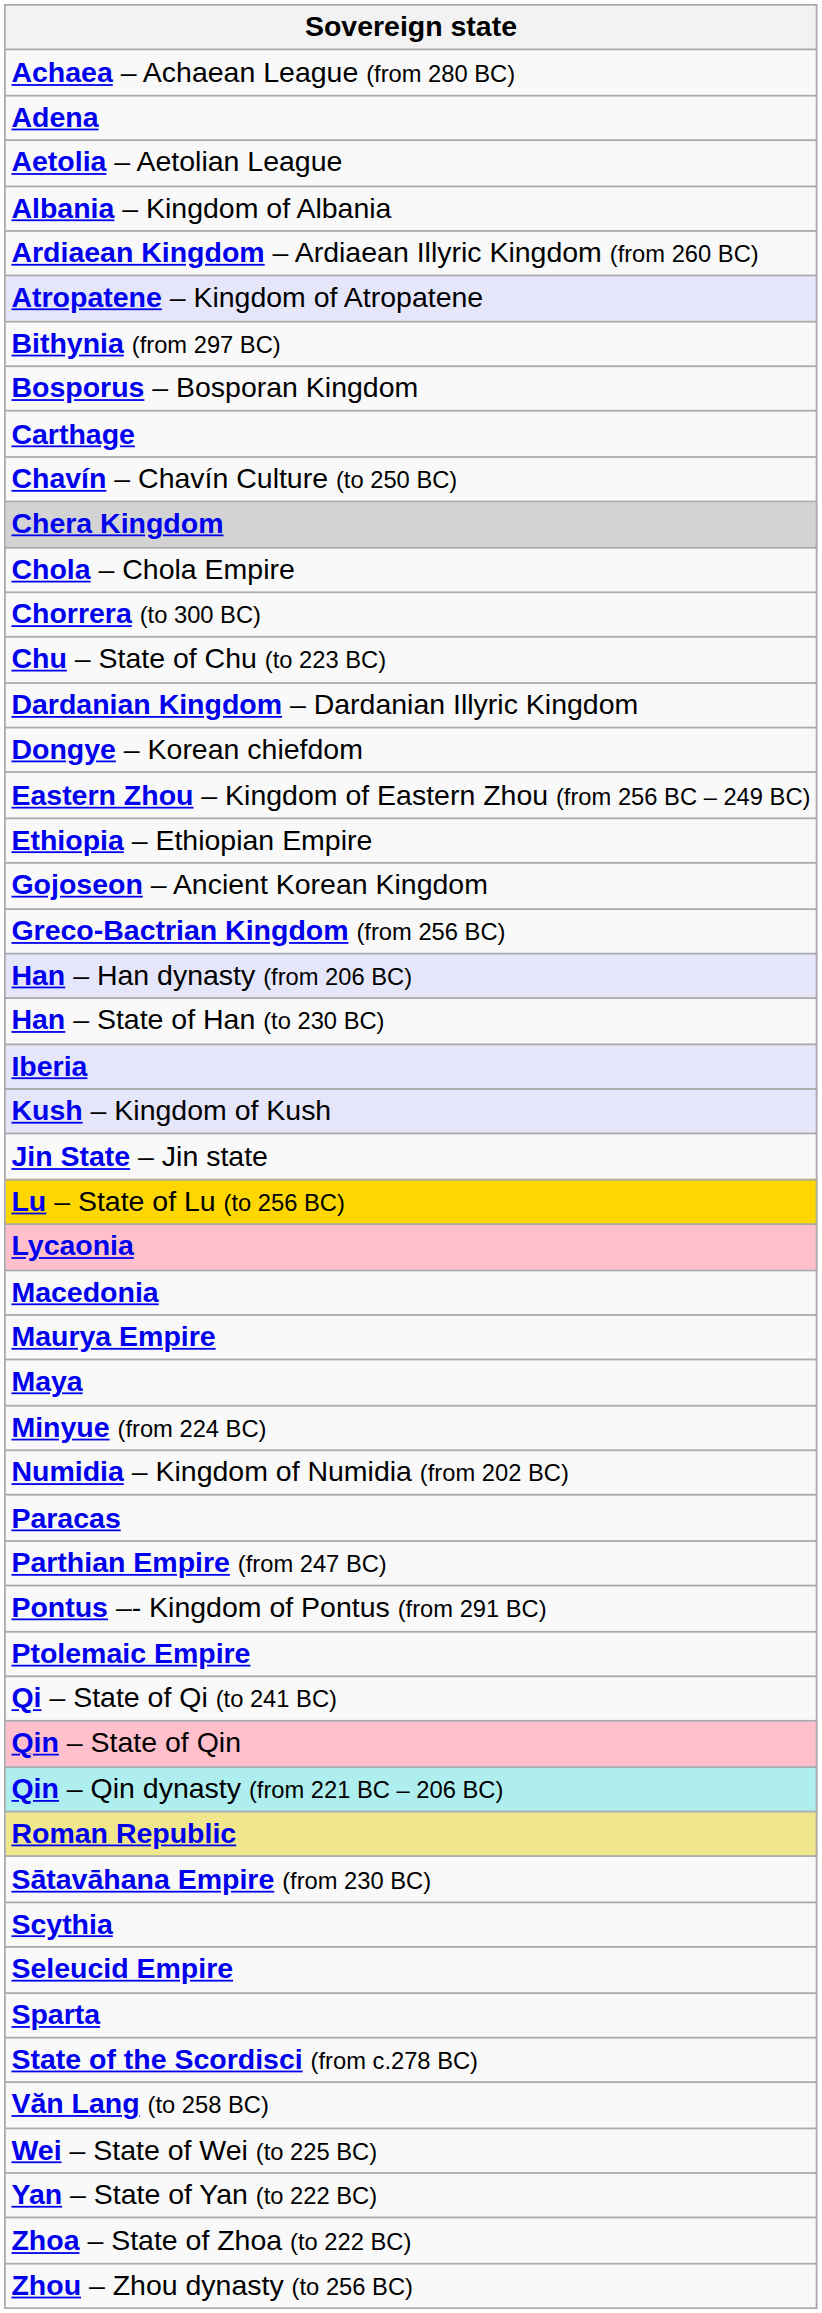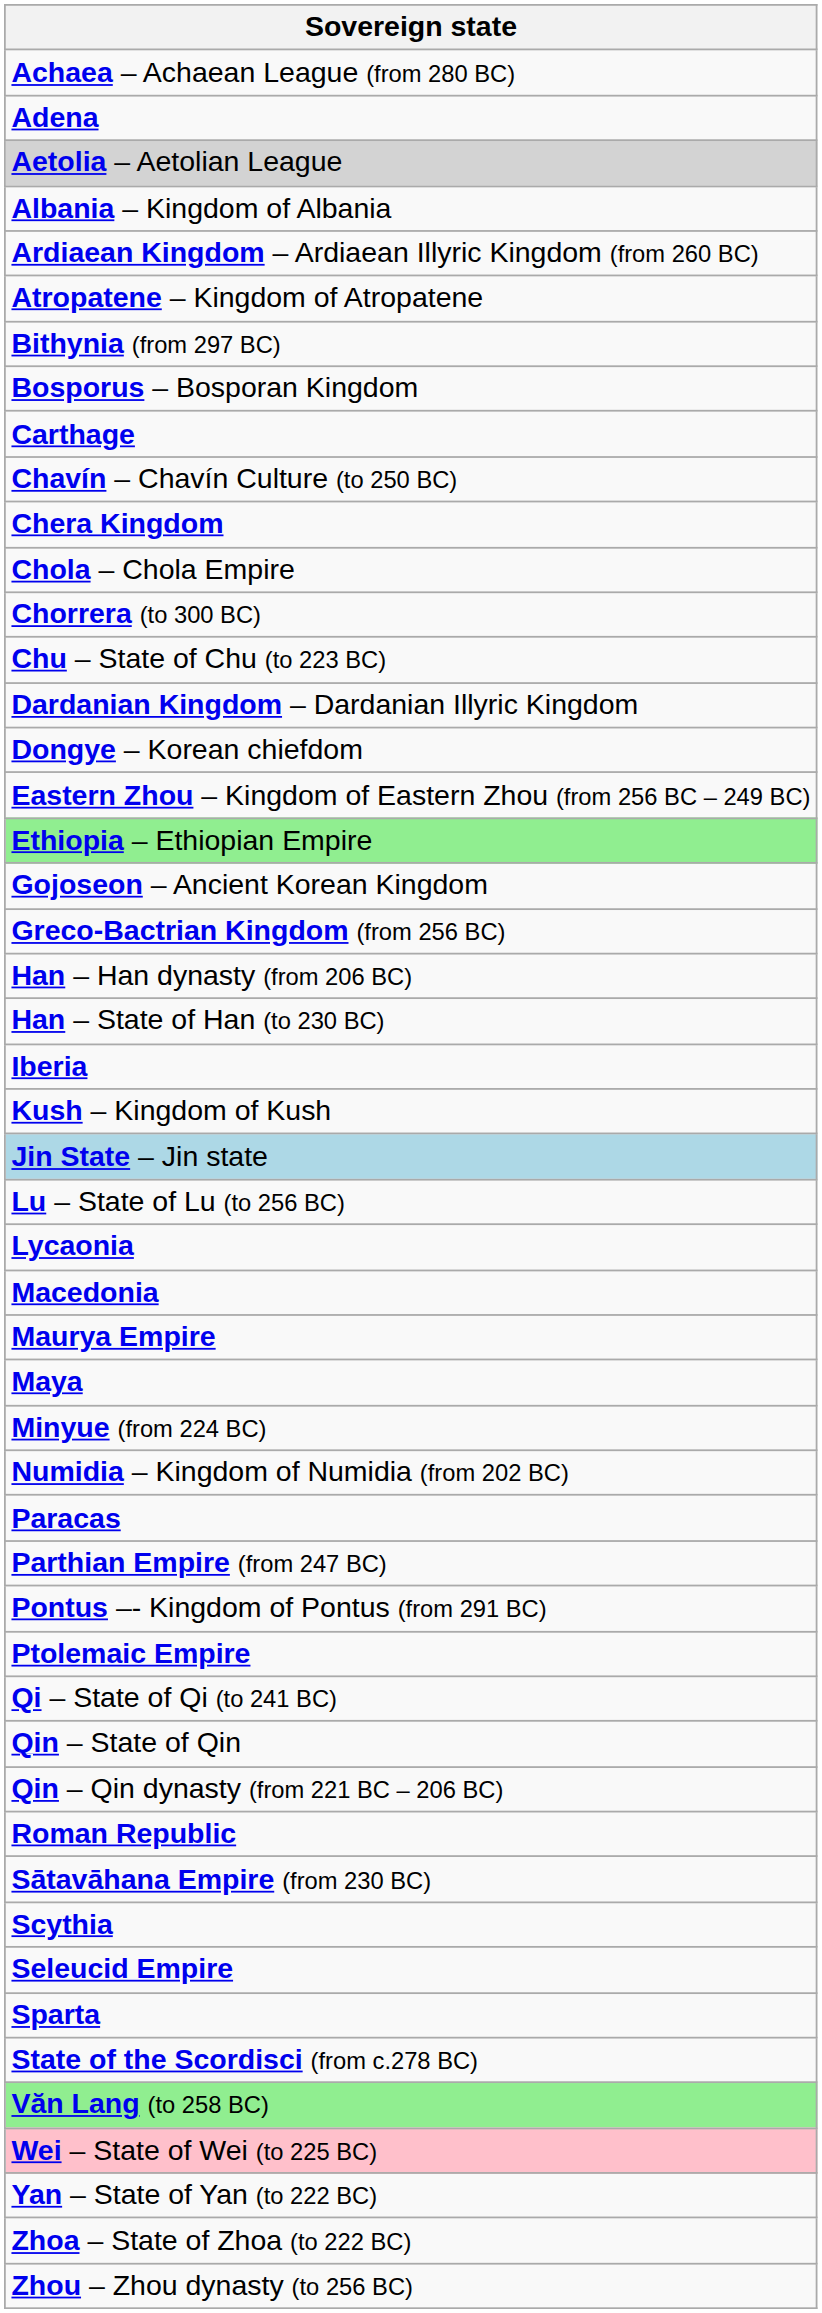 <table class=wikitable border="1">
 <tr>
 <th>Sovereign state</th>
 </tr>
 <tr>
 <td><strong><a href='#'>Achaea</a></strong> – Achaean League <small>(from 280 BC)</small></td>
 </tr>
 <tr>
 <td><strong><a href='#'>Adena</a></strong></td>
 </tr>
 <tr>
-<td><strong><a href='#'>Aetolia</a></strong> – Aetolian League</td>
+<td style="background: lightgrey;"><strong><a href='#'>Aetolia</a></strong> – Aetolian League</td>
 </tr>
 <tr>
 <td><strong><a href='#'>Albania</a></strong> – Kingdom of Albania</td>
 </tr>
 <tr>
 <td><strong><a href='#'>Ardiaean Kingdom</a></strong> – Ardiaean Illyric Kingdom <small>(from 260 BC)</small></td>
 </tr>
 <tr>
-<td style="background: lavender;"><strong><a href='#'>Atropatene</a></strong> – Kingdom of Atropatene</td>
+<td><strong><a href='#'>Atropatene</a></strong> – Kingdom of Atropatene</td>
 </tr>
 <tr>
 <td><strong><a href='#'>Bithynia</a></strong> <small>(from 297 BC)</small></td>
 </tr>
 <tr>
 <td><strong><a href='#'>Bosporus</a></strong> – Bosporan Kingdom</td>
 </tr>
 <tr>
 <td><strong><a href='#'>Carthage</a></strong></td>
 </tr>
 <tr>
 <td><strong><a href='#'>Chavín</a></strong> – Chavín Culture <small>(to 250 BC)</small></td>
 </tr>
 <tr>
-<td style="background: lightgrey;"><strong><a href='#'>Chera Kingdom</a></strong></td>
+<td><strong><a href='#'>Chera Kingdom</a></strong></td>
 </tr>
 <tr>
 <td><strong><a href='#'>Chola</a></strong> – Chola Empire</td>
 </tr>
 <tr>
 <td><strong><a href='#'>Chorrera</a></strong> <small>(to 300 BC)</small></td>
 </tr>
 <tr>
 <td><strong><a href='#'>Chu</a></strong> – State of Chu <small>(to 223 BC)</small></td>
 </tr>
 <tr>
 <td><strong><a href='#'>Dardanian Kingdom</a></strong> – Dardanian Illyric Kingdom</td>
 </tr>
 <tr>
 <td><strong><a href='#'>Dongye</a></strong> – Korean chiefdom</td>
 </tr>
 <tr>
 <td><strong><a href='#'>Eastern Zhou</a></strong> – Kingdom of Eastern Zhou <small>(from 256 BC – 249 BC)</small></td>
 </tr>
 <tr>
-<td><strong><a href='#'>Ethiopia</a></strong> – Ethiopian Empire</td>
+<td style="background: lightgreen;"><strong><a href='#'>Ethiopia</a></strong> – Ethiopian Empire</td>
 </tr>
 <tr>
 <td><strong><a href='#'>Gojoseon</a></strong> – Ancient Korean Kingdom</td>
 </tr>
 <tr>
 <td><strong><a href='#'>Greco-Bactrian Kingdom</a></strong> <small>(from 256 BC)</small></td>
 </tr>
 <tr>
-<td style="background: lavender;"><strong><a href='#'>Han</a></strong> – Han dynasty <small>(from 206 BC)</small></td>
+<td><strong><a href='#'>Han</a></strong> – Han dynasty <small>(from 206 BC)</small></td>
 </tr>
 <tr>
 <td><strong><a href='#'>Han</a></strong> – State of Han <small>(to 230 BC)</small></td>
 </tr>
 <tr>
-<td style="background: lavender;"><strong><a href='#'>Iberia</a></strong></td>
+<td><strong><a href='#'>Iberia</a></strong></td>
 </tr>
 <tr>
-<td style="background: lavender;"><strong><a href='#'>Kush</a></strong> – Kingdom of Kush</td>
+<td><strong><a href='#'>Kush</a></strong> – Kingdom of Kush</td>
 </tr>
 <tr>
-<td><strong><a href='#'>Jin State</a></strong> – Jin state</td>
+<td style="background: lightblue;"><strong><a href='#'>Jin State</a></strong> – Jin state</td>
 </tr>
 <tr>
-<td style="background: gold;"><strong><a href='#'>Lu</a></strong> – State of Lu <small>(to 256 BC)</small></td>
+<td><strong><a href='#'>Lu</a></strong> – State of Lu <small>(to 256 BC)</small></td>
 </tr>
 <tr>
-<td style="background: pink;"><strong><a href='#'>Lycaonia</a></strong></td>
+<td><strong><a href='#'>Lycaonia</a></strong></td>
 </tr>
 <tr>
 <td><strong><a href='#'>Macedonia</a></strong></td>
 </tr>
 <tr>
 <td><strong><a href='#'>Maurya Empire</a></strong></td>
 </tr>
 <tr>
 <td><strong><a href='#'>Maya</a></strong></td>
 </tr>
 <tr>
 <td><strong><a href='#'>Minyue</a></strong> <small>(from 224 BC)</small></td>
 </tr>
 <tr>
 <td><strong><a href='#'>Numidia</a></strong> – Kingdom of Numidia <small>(from 202 BC)</small></td>
 </tr>
 <tr>
 <td><strong><a href='#'>Paracas</a></strong></td>
 </tr>
 <tr>
 <td><strong><a href='#'>Parthian Empire</a></strong> <small>(from 247 BC)</small></td>
 </tr>
 <tr>
 <td><strong><a href='#'>Pontus</a></strong> –- Kingdom of Pontus <small>(from 291 BC)</small></td>
 </tr>
 <tr>
 <td><strong><a href='#'>Ptolemaic Empire</a></strong></td>
 </tr>
 <tr>
 <td><strong><a href='#'>Qi</a></strong> – State of Qi <small>(to 241 BC)</small></td>
 </tr>
 <tr>
-<td style="background: pink;"><strong><a href='#'>Qin</a></strong> – State of Qin</td>
+<td><strong><a href='#'>Qin</a></strong> – State of Qin</td>
 </tr>
 <tr>
-<td style="background: paleturquoise;"><strong><a href='#'>Qin</a></strong> – Qin dynasty <small>(from 221 BC – 206 BC)</small></td>
+<td><strong><a href='#'>Qin</a></strong> – Qin dynasty <small>(from 221 BC – 206 BC)</small></td>
 </tr>
 <tr>
-<td style="background: khaki;"><strong><a href='#'>Roman Republic</a></strong></td>
+<td><strong><a href='#'>Roman Republic</a></strong></td>
 </tr>
 <tr>
 <td><strong><a href='#'>Sātavāhana Empire</a></strong> <small>(from 230 BC)</small></td>
 </tr>
 <tr>
 <td><strong><a href='#'>Scythia</a></strong></td>
 </tr>
 <tr>
 <td><strong><a href='#'>Seleucid Empire</a></strong></td>
 </tr>
 <tr>
 <td><strong><a href='#'>Sparta</a></strong></td>
 </tr>
 <tr>
 <td><strong><a href='#'>State of the Scordisci</a></strong> <small>(from c.278 BC)</small></td>
 </tr>
 <tr>
-<td><strong><a href='#'>Văn Lang</a></strong> <small>(to 258 BC)</small></td>
+<td style="background: lightgreen;"><strong><a href='#'>Văn Lang</a></strong> <small>(to 258 BC)</small></td>
 </tr>
 <tr>
-<td><strong><a href='#'>Wei</a></strong> – State of Wei <small>(to 225 BC)</small></td>
+<td style="background: pink;"><strong><a href='#'>Wei</a></strong> – State of Wei <small>(to 225 BC)</small></td>
 </tr>
 <tr>
 <td><strong><a href='#'>Yan</a></strong> – State of Yan <small>(to 222 BC)</small></td>
 </tr>
 <tr>
 <td><strong><a href='#'>Zhoa</a></strong> – State of Zhoa <small>(to 222 BC)</small></td>
 </tr>
 <tr>
 <td><strong><a href='#'>Zhou</a></strong> – Zhou dynasty <small>(to 256 BC)</small></td>
 </tr>
 </table>
